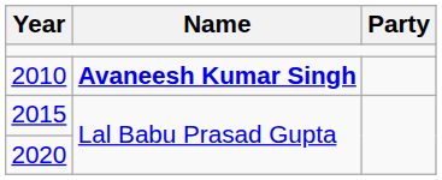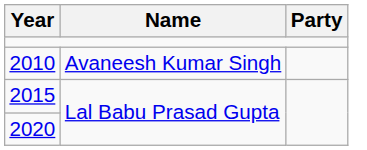 <table class="wikitable sortable">
 <tr>
 <th>Year</th>
 <th>Name</th>
 <th colspan="2">Party</th>
 </tr>
 <tr>
 <td colspan="4"></td>
 </tr>
 <tr>
 <td><a href='#'>2010</a></td>
-<td><strong><a href='#'>Avaneesh Kumar Singh</a></strong></td>
+<td><a href='#'>Avaneesh Kumar Singh</a></td>
 <td></td>
 </tr>
 <tr>
 <td><a href='#'>2015</a></td>
 <td rowspan="2"><a href='#'>Lal Babu Prasad Gupta</a></td>
 </tr>
 <tr>
 <td><a href='#'>2020</a></td>
 </tr>
 </table>
